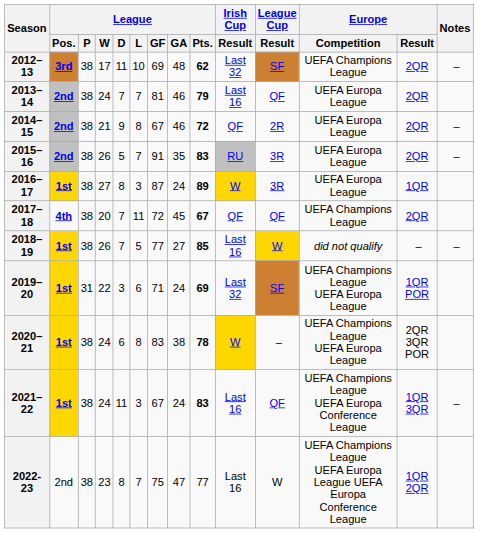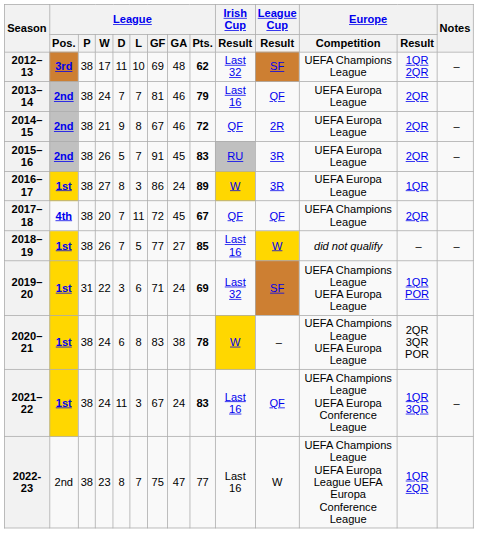 <table class="wikitable" style="font-size:90%; text-align: center">
 <tr>
 <th rowspan="2">Season</th>
 <th colspan="8"><a href='#'>League</a></th>
 <th align=center><a href='#'>Irish Cup</a></th>
 <th align=center><a href='#'>League Cup</a></th>
 <th colspan="2"><a href='#'>Europe</a><br></th>
 <th rowspan="2">Notes</th>
 </tr>
 <tr>
 <th style="width:30px;">Pos.</th>
 <th>P</th>
 <th>W</th>
 <th>D</th>
 <th>L</th>
 <th>GF</th>
 <th>GA</th>
 <th>Pts.</th>
 <th style="width:45px;">Result</th>
 <th style="width:45px;">Result</th>
 <th>Competition</th>
 <th style="width:45px;">Result<br></th>
 </tr>
 <tr>
 <th>2012–13</th>
 <td bgcolor="#cd7f32"><strong><a href='#'>3rd</a></strong></td>
 <td>38</td>
 <td>17</td>
 <td>11</td>
 <td>10</td>
 <td>69</td>
 <td>48</td>
 <td><strong>62</strong></td>
 <td><a href='#'>Last 32</a></td>
 <td bgcolor="#cd7f32"><a href='#'>SF</a></td>
 <td>UEFA Champions League</td>
-<td><a href='#'>2QR</a></td>
+<td><a href='#'>1QR</a><br><a href='#'>2QR</a></td>
 <td> –</td>
 </tr>
 <tr>
 <th>2013–14</th>
 <td bgcolor=silver><strong><a href='#'>2nd</a></strong></td>
 <td>38</td>
 <td>24</td>
 <td>7</td>
 <td>7</td>
 <td>81</td>
 <td>46</td>
 <td><strong>79</strong></td>
 <td><a href='#'>Last 16</a></td>
 <td><a href='#'>QF</a></td>
 <td>UEFA Europa League</td>
 <td><a href='#'>2QR</a></td>
 <td></td>
 </tr>
 <tr>
 <th>2014–15</th>
 <td bgcolor=silver><strong><a href='#'>2nd</a></strong></td>
 <td>38</td>
 <td>21</td>
 <td>9</td>
 <td>8</td>
 <td>67</td>
 <td>46</td>
 <td><strong>72</strong></td>
 <td><a href='#'>QF</a></td>
 <td><a href='#'>2R</a></td>
 <td>UEFA Europa League</td>
 <td><a href='#'>2QR</a></td>
 <td> –</td>
 </tr>
 <tr>
 <th>2015–16</th>
 <td bgcolor=silver><strong><a href='#'>2nd</a></strong></td>
 <td>38</td>
 <td>26</td>
 <td>5</td>
 <td>7</td>
 <td>91</td>
-<td>35</td>
+<td>45</td>
 <td><strong>83</strong></td>
 <td bgcolor=silver><a href='#'>RU</a></td>
 <td><a href='#'>3R</a></td>
 <td>UEFA Europa League</td>
 <td><a href='#'>2QR</a></td>
 <td> –</td>
 </tr>
 <tr>
 <th>2016–17</th>
 <td bgcolor=gold><strong><a href='#'>1st</a></strong></td>
 <td>38</td>
 <td>27</td>
 <td>8</td>
 <td>3</td>
-<td>87</td>
+<td>86</td>
 <td>24</td>
 <td><strong>89</strong></td>
 <td bgcolor=gold><a href='#'>W</a></td>
 <td><a href='#'>3R</a></td>
 <td>UEFA Europa League</td>
 <td><a href='#'>1QR</a></td>
 <td></td>
 </tr>
 <tr>
 <th>2017–18</th>
 <td><strong><a href='#'>4th</a></strong></td>
 <td>38</td>
 <td>20</td>
 <td>7</td>
 <td>11</td>
 <td>72</td>
 <td>45</td>
 <td><strong>67</strong></td>
 <td><a href='#'>QF</a></td>
 <td><a href='#'>QF</a></td>
 <td>UEFA Champions League</td>
 <td><a href='#'>2QR</a></td>
 <td></td>
 </tr>
 <tr>
 <th>2018–19</th>
 <td bgcolor=gold><strong><a href='#'>1st</a></strong></td>
 <td>38</td>
 <td>26</td>
 <td>7</td>
 <td>5</td>
 <td>77</td>
 <td>27</td>
 <td><strong>85</strong></td>
 <td><a href='#'>Last 16</a></td>
 <td bgcolor=gold><a href='#'>W</a></td>
 <td><em>did not qualify</em></td>
 <td> –</td>
 <td> –</td>
 </tr>
 <tr>
 <th>2019–20</th>
 <td bgcolor=gold><strong><a href='#'>1st</a></strong></td>
 <td>31</td>
 <td>22</td>
 <td>3</td>
 <td>6</td>
 <td>71</td>
 <td>24</td>
 <td><strong>69</strong></td>
 <td><a href='#'>Last 32</a></td>
 <td bgcolor="#cd7f32"><a href='#'>SF</a></td>
 <td>UEFA Champions League<br>UEFA Europa League</td>
 <td><a href='#'>1QR</a><br><a href='#'>POR</a></td>
 <td></td>
 </tr>
 <tr>
 <th>2020–21</th>
 <td bgcolor=gold><strong><a href='#'>1st</a></strong></td>
 <td>38</td>
 <td>24</td>
 <td>6</td>
 <td>8</td>
 <td>83</td>
 <td>38</td>
 <td><strong>78</strong></td>
 <td bgcolor=gold><a href='#'>W</a></td>
 <td> –</td>
 <td>UEFA Champions League<br>UEFA Europa League</td>
 <td>2QR<br>3QR POR</td>
 <td></td>
 </tr>
 <tr>
 <th>2021–22</th>
 <td bgcolor=gold><strong><a href='#'>1st</a></strong></td>
 <td>38</td>
 <td>24</td>
 <td>11</td>
 <td>3</td>
 <td>67</td>
 <td>24</td>
 <td><strong>83</strong></td>
 <td><a href='#'>Last 16</a></td>
 <td><a href='#'>QF</a></td>
 <td>UEFA Champions League<br>UEFA Europa Conference League</td>
 <td><a href='#'>1QR</a><br><a href='#'>3QR</a></td>
 <td> –</td>
 </tr>
 <tr>
 <th>2022-23</th>
 <td>2nd</td>
 <td>38</td>
 <td>23</td>
 <td>8</td>
 <td>7</td>
 <td>75</td>
 <td>47</td>
 <td>77</td>
 <td>Last 16</td>
 <td>W</td>
 <td>UEFA Champions League<br>UEFA Europa League UEFA Europa Conference League</td>
 <td><a href='#'>1QR</a><br><a href='#'>2QR</a></td>
 <td></td>
 </tr>
 </table>
